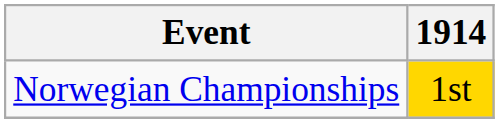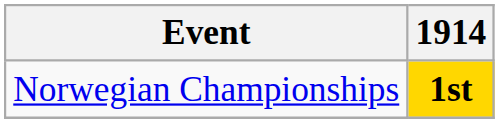 <table class="wikitable">
 <tr>
 <th>Event</th>
 <th>1914</th>
 </tr>
 <tr>
 <td><a href='#'>Norwegian Championships</a></td>
-<td align="center" bgcolor="gold">1st</td>
+<td align="center" bgcolor="gold"><strong>1st</strong></td>
 </tr>
 <tr>
 </tr>
 </table>
